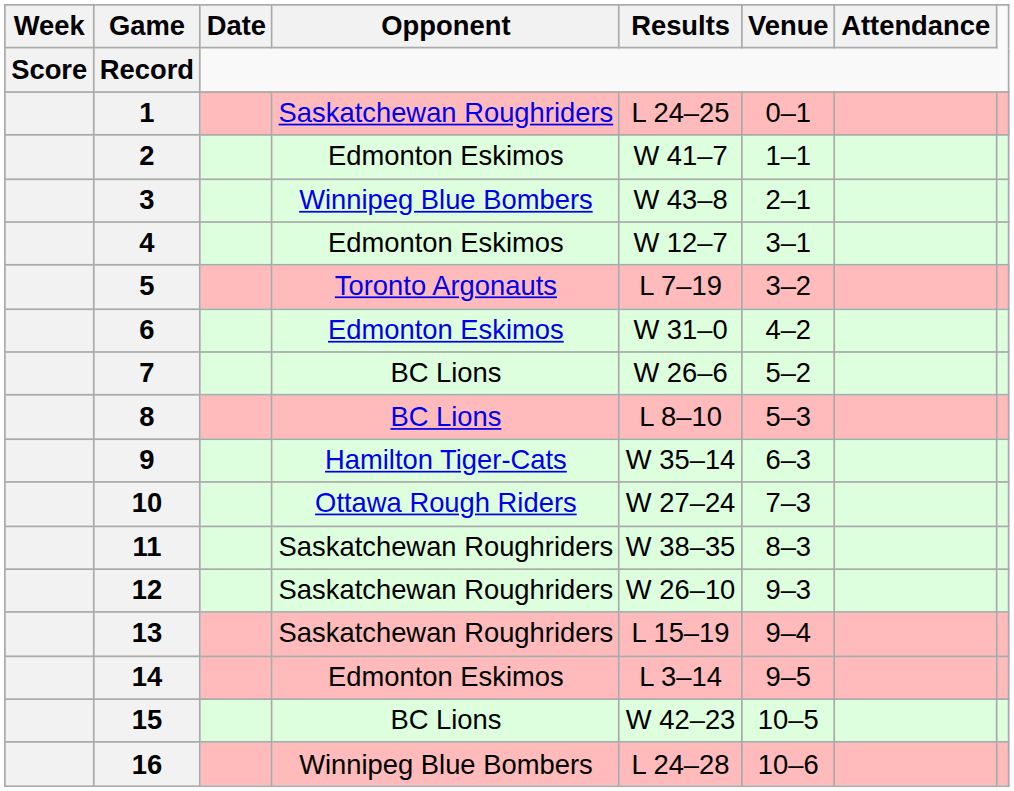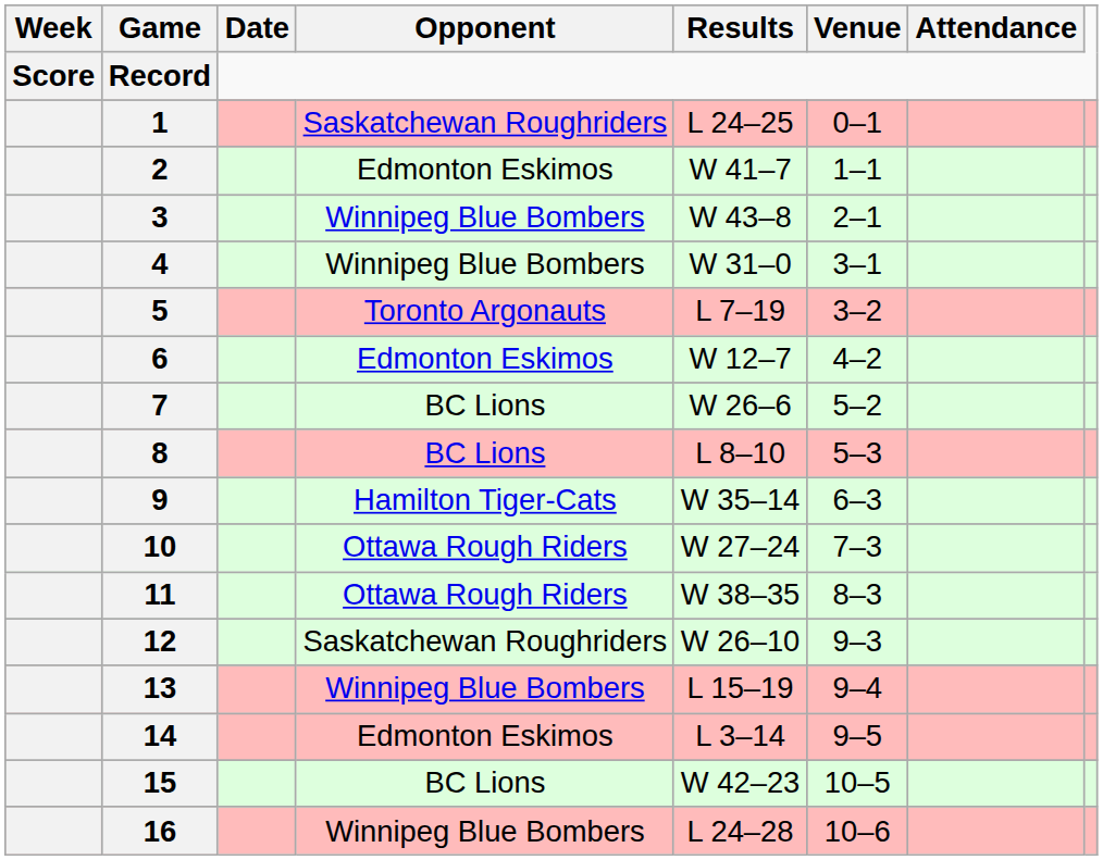 <table class="wikitable" style="text-align:center">
 <tr>
 <th>Week</th>
 <th>Game</th>
 <th>Date</th>
 <th>Opponent</th>
 <th>Results</th>
 <th>Venue</th>
 <th>Attendance</th>
 </tr>
 <tr>
 <th>Score</th>
 <th>Record</th>
 </tr>
 <tr style="background:#ffbbbb">
 <th></th>
 <th>1</th>
 <td></td>
 <td><a href='#'>Saskatchewan Roughriders</a></td>
 <td>L 24–25</td>
 <td>0–1</td>
 <td></td>
 <td></td>
 </tr>
 <tr style="background:#ddffdd">
 <th></th>
 <th>2</th>
 <td></td>
 <td>Edmonton Eskimos</td>
 <td>W 41–7</td>
 <td>1–1</td>
 <td></td>
 <td></td>
 </tr>
 <tr style="background:#ddffdd">
 <th></th>
 <th>3</th>
 <td></td>
 <td><a href='#'>Winnipeg Blue Bombers</a></td>
 <td>W 43–8</td>
 <td>2–1</td>
 <td></td>
 <td></td>
 </tr>
 <tr style="background:#ddffdd">
 <th></th>
 <th>4</th>
 <td></td>
-<td>Edmonton Eskimos</td>
-<td>W 12–7</td>
+<td>Winnipeg Blue Bombers</td>
+<td>W 31–0</td>
 <td>3–1</td>
 <td></td>
 <td></td>
 </tr>
 <tr style="background:#ffbbbb">
 <th></th>
 <th>5</th>
 <td></td>
 <td><a href='#'>Toronto Argonauts</a></td>
 <td>L 7–19</td>
 <td>3–2</td>
 <td></td>
 <td></td>
 </tr>
 <tr style="background:#ddffdd">
 <th></th>
 <th>6</th>
 <td></td>
 <td><a href='#'>Edmonton Eskimos</a></td>
-<td>W 31–0</td>
+<td>W 12–7</td>
 <td>4–2</td>
 <td></td>
 <td></td>
 </tr>
 <tr style="background:#ddffdd">
 <th></th>
 <th>7</th>
 <td></td>
 <td>BC Lions</td>
 <td>W 26–6</td>
 <td>5–2</td>
 <td></td>
 <td></td>
 </tr>
 <tr style="background:#ffbbbb">
 <th></th>
 <th>8</th>
 <td></td>
 <td><a href='#'>BC Lions</a></td>
 <td>L 8–10</td>
 <td>5–3</td>
 <td></td>
 <td></td>
 </tr>
 <tr style="background:#ddffdd">
 <th></th>
 <th>9</th>
 <td></td>
 <td><a href='#'>Hamilton Tiger-Cats</a></td>
 <td>W 35–14</td>
 <td>6–3</td>
 <td></td>
 <td></td>
 </tr>
 <tr style="background:#ddffdd">
 <th></th>
 <th>10</th>
 <td></td>
 <td><a href='#'>Ottawa Rough Riders</a></td>
 <td>W 27–24</td>
 <td>7–3</td>
 <td></td>
 <td></td>
 </tr>
 <tr style="background:#ddffdd">
 <th></th>
 <th>11</th>
 <td></td>
-<td>Saskatchewan Roughriders</td>
+<td><a href='#'>Ottawa Rough Riders</a></td>
 <td>W 38–35</td>
 <td>8–3</td>
 <td></td>
 <td></td>
 </tr>
 <tr style="background:#ddffdd">
 <th></th>
 <th>12</th>
 <td></td>
 <td>Saskatchewan Roughriders</td>
 <td>W 26–10</td>
 <td>9–3</td>
 <td></td>
 <td></td>
 </tr>
 <tr style="background:#ffbbbb">
 <th></th>
 <th>13</th>
 <td></td>
-<td>Saskatchewan Roughriders</td>
+<td><a href='#'>Winnipeg Blue Bombers</a></td>
 <td>L 15–19</td>
 <td>9–4</td>
 <td></td>
 <td></td>
 </tr>
 <tr style="background:#ffbbbb">
 <th></th>
 <th>14</th>
 <td></td>
 <td>Edmonton Eskimos</td>
 <td>L 3–14</td>
 <td>9–5</td>
 <td></td>
 <td></td>
 </tr>
 <tr style="background:#ddffdd">
 <th></th>
 <th>15</th>
 <td></td>
 <td>BC Lions</td>
 <td>W 42–23</td>
 <td>10–5</td>
 <td></td>
 <td></td>
 </tr>
 <tr style="background:#ffbbbb">
 <th></th>
 <th>16</th>
 <td></td>
 <td>Winnipeg Blue Bombers</td>
 <td>L 24–28</td>
 <td>10–6</td>
 <td></td>
 <td></td>
 </tr>
 </table>
